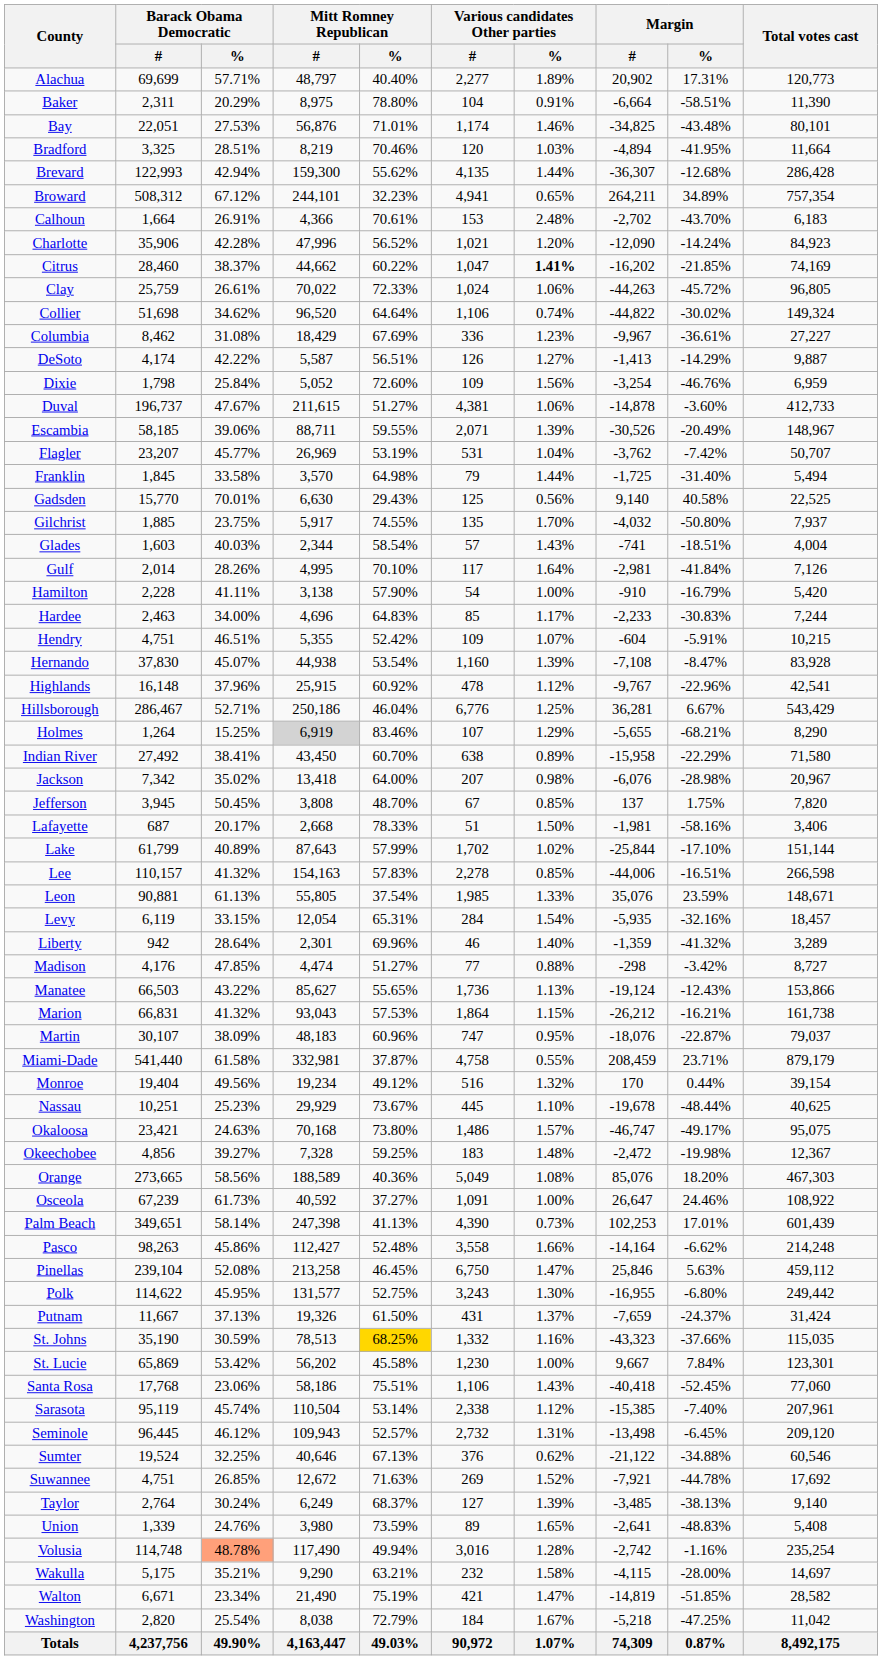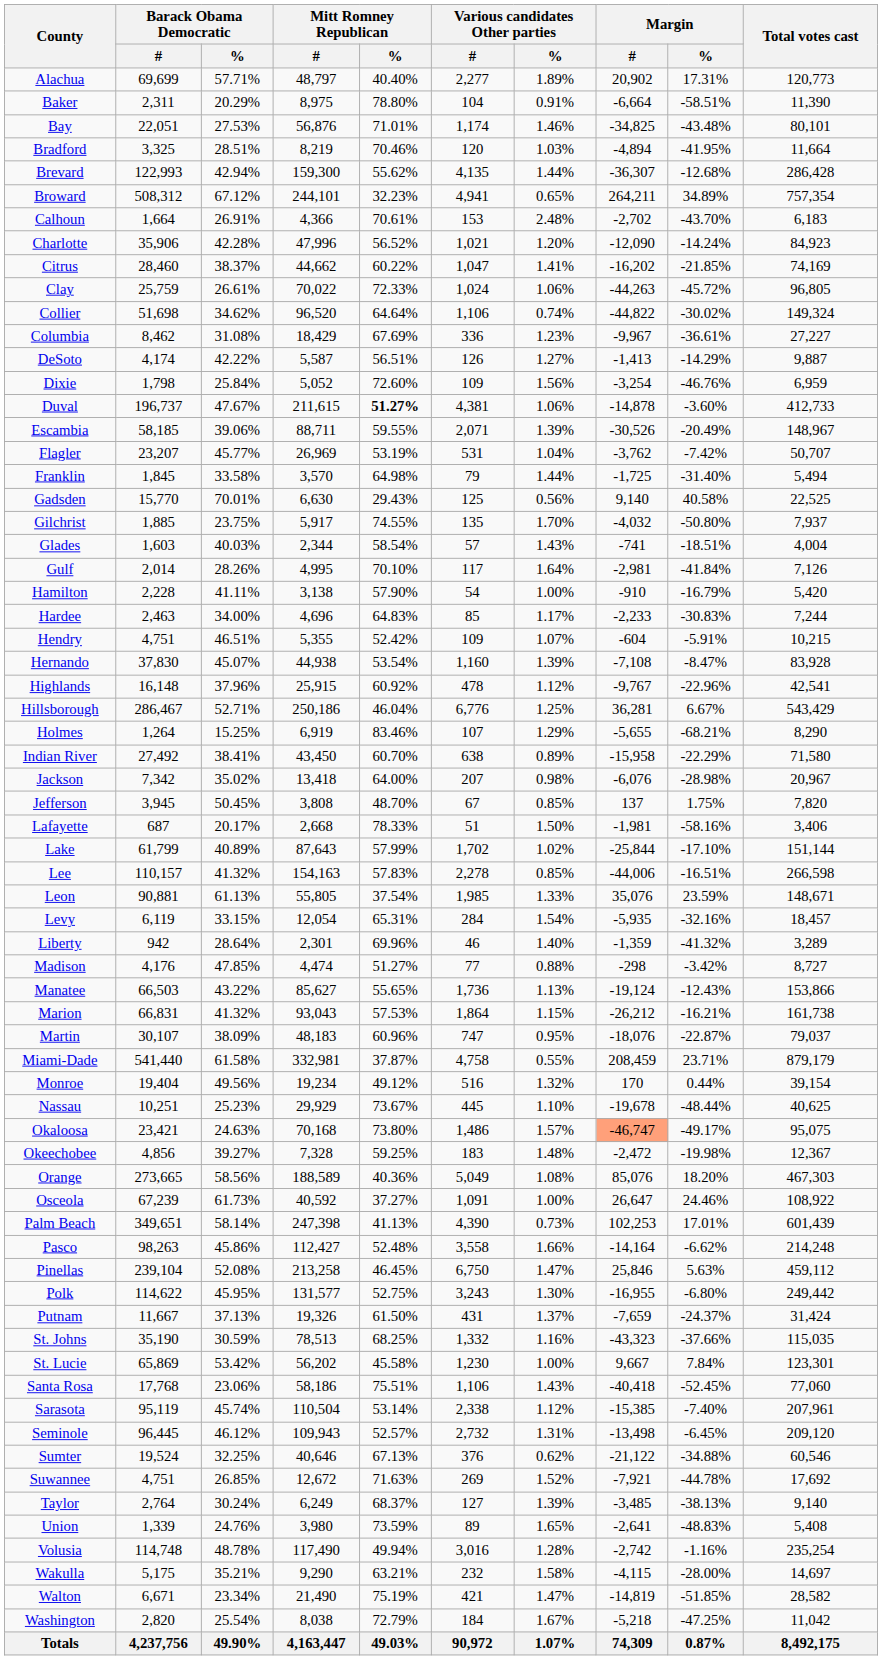 <table width="60%"  class="wikitable sortable" style="text-align:center">
 <tr>
 <th style="text-align:center;" rowspan="2">County</th>
 <th style="text-align:center;" colspan="2">Barack Obama<br>Democratic</th>
 <th style="text-align:center;" colspan="2">Mitt Romney<br>Republican</th>
 <th style="text-align:center;" colspan="2">Various candidates<br>Other parties</th>
 <th style="text-align:center;" colspan="2">Margin</th>
 <th style="text-align:center;" rowspan="2">Total votes cast</th>
 </tr>
 <tr>
 <th style="text-align:center;" data-sort-type="number">#</th>
 <th style="text-align:center;" data-sort-type="number">%</th>
 <th style="text-align:center;" data-sort-type="number">#</th>
 <th style="text-align:center;" data-sort-type="number">%</th>
 <th style="text-align:center;" data-sort-type="number">#</th>
 <th style="text-align:center;" data-sort-type="number">%</th>
 <th style="text-align:center;" data-sort-type="number">#</th>
 <th style="text-align:center;" data-sort-type="number">%</th>
 </tr>
 <tr style="text-align:center;">
 <td><a href='#'>Alachua</a></td>
 <td>69,699</td>
 <td>57.71%</td>
 <td>48,797</td>
 <td>40.40%</td>
 <td>2,277</td>
 <td>1.89%</td>
 <td>20,902</td>
 <td>17.31%</td>
 <td>120,773</td>
 </tr>
 <tr style="text-align:center;">
 <td><a href='#'>Baker</a></td>
 <td>2,311</td>
 <td>20.29%</td>
 <td>8,975</td>
 <td>78.80%</td>
 <td>104</td>
 <td>0.91%</td>
 <td>-6,664</td>
 <td>-58.51%</td>
 <td>11,390</td>
 </tr>
 <tr style="text-align:center;">
 <td><a href='#'>Bay</a></td>
 <td>22,051</td>
 <td>27.53%</td>
 <td>56,876</td>
 <td>71.01%</td>
 <td>1,174</td>
 <td>1.46%</td>
 <td>-34,825</td>
 <td>-43.48%</td>
 <td>80,101</td>
 </tr>
 <tr style="text-align:center;">
 <td><a href='#'>Bradford</a></td>
 <td>3,325</td>
 <td>28.51%</td>
 <td>8,219</td>
 <td>70.46%</td>
 <td>120</td>
 <td>1.03%</td>
 <td>-4,894</td>
 <td>-41.95%</td>
 <td>11,664</td>
 </tr>
 <tr style="text-align:center;">
 <td><a href='#'>Brevard</a></td>
 <td>122,993</td>
 <td>42.94%</td>
 <td>159,300</td>
 <td>55.62%</td>
 <td>4,135</td>
 <td>1.44%</td>
 <td>-36,307</td>
 <td>-12.68%</td>
 <td>286,428</td>
 </tr>
 <tr style="text-align:center;">
 <td><a href='#'>Broward</a></td>
 <td>508,312</td>
 <td>67.12%</td>
 <td>244,101</td>
 <td>32.23%</td>
 <td>4,941</td>
 <td>0.65%</td>
 <td>264,211</td>
 <td>34.89%</td>
 <td>757,354</td>
 </tr>
 <tr style="text-align:center;">
 <td><a href='#'>Calhoun</a></td>
 <td>1,664</td>
 <td>26.91%</td>
 <td>4,366</td>
 <td>70.61%</td>
 <td>153</td>
 <td>2.48%</td>
 <td>-2,702</td>
 <td>-43.70%</td>
 <td>6,183</td>
 </tr>
 <tr style="text-align:center;">
 <td><a href='#'>Charlotte</a></td>
 <td>35,906</td>
 <td>42.28%</td>
 <td>47,996</td>
 <td>56.52%</td>
 <td>1,021</td>
 <td>1.20%</td>
 <td>-12,090</td>
 <td>-14.24%</td>
 <td>84,923</td>
 </tr>
 <tr style="text-align:center;">
 <td><a href='#'>Citrus</a></td>
 <td>28,460</td>
 <td>38.37%</td>
 <td>44,662</td>
 <td>60.22%</td>
 <td>1,047</td>
-<td><strong>1.41%</strong></td>
+<td>1.41%</td>
 <td>-16,202</td>
 <td>-21.85%</td>
 <td>74,169</td>
 </tr>
 <tr style="text-align:center;">
 <td><a href='#'>Clay</a></td>
 <td>25,759</td>
 <td>26.61%</td>
 <td>70,022</td>
 <td>72.33%</td>
 <td>1,024</td>
 <td>1.06%</td>
 <td>-44,263</td>
 <td>-45.72%</td>
 <td>96,805</td>
 </tr>
 <tr style="text-align:center;">
 <td><a href='#'>Collier</a></td>
 <td>51,698</td>
 <td>34.62%</td>
 <td>96,520</td>
 <td>64.64%</td>
 <td>1,106</td>
 <td>0.74%</td>
 <td>-44,822</td>
 <td>-30.02%</td>
 <td>149,324</td>
 </tr>
 <tr style="text-align:center;">
 <td><a href='#'>Columbia</a></td>
 <td>8,462</td>
 <td>31.08%</td>
 <td>18,429</td>
 <td>67.69%</td>
 <td>336</td>
 <td>1.23%</td>
 <td>-9,967</td>
 <td>-36.61%</td>
 <td>27,227</td>
 </tr>
 <tr style="text-align:center;">
 <td><a href='#'>DeSoto</a></td>
 <td>4,174</td>
 <td>42.22%</td>
 <td>5,587</td>
 <td>56.51%</td>
 <td>126</td>
 <td>1.27%</td>
 <td>-1,413</td>
 <td>-14.29%</td>
 <td>9,887</td>
 </tr>
 <tr style="text-align:center;">
 <td><a href='#'>Dixie</a></td>
 <td>1,798</td>
 <td>25.84%</td>
 <td>5,052</td>
 <td>72.60%</td>
 <td>109</td>
 <td>1.56%</td>
 <td>-3,254</td>
 <td>-46.76%</td>
 <td>6,959</td>
 </tr>
 <tr style="text-align:center;">
 <td><a href='#'>Duval</a></td>
 <td>196,737</td>
 <td>47.67%</td>
 <td>211,615</td>
-<td>51.27%</td>
+<td><strong>51.27%</strong></td>
 <td>4,381</td>
 <td>1.06%</td>
 <td>-14,878</td>
 <td>-3.60%</td>
 <td>412,733</td>
 </tr>
 <tr style="text-align:center;">
 <td><a href='#'>Escambia</a></td>
 <td>58,185</td>
 <td>39.06%</td>
 <td>88,711</td>
 <td>59.55%</td>
 <td>2,071</td>
 <td>1.39%</td>
 <td>-30,526</td>
 <td>-20.49%</td>
 <td>148,967</td>
 </tr>
 <tr style="text-align:center;">
 <td><a href='#'>Flagler</a></td>
 <td>23,207</td>
 <td>45.77%</td>
 <td>26,969</td>
 <td>53.19%</td>
 <td>531</td>
 <td>1.04%</td>
 <td>-3,762</td>
 <td>-7.42%</td>
 <td>50,707</td>
 </tr>
 <tr style="text-align:center;">
 <td><a href='#'>Franklin</a></td>
 <td>1,845</td>
 <td>33.58%</td>
 <td>3,570</td>
 <td>64.98%</td>
 <td>79</td>
 <td>1.44%</td>
 <td>-1,725</td>
 <td>-31.40%</td>
 <td>5,494</td>
 </tr>
 <tr style="text-align:center;">
 <td><a href='#'>Gadsden</a></td>
 <td>15,770</td>
 <td>70.01%</td>
 <td>6,630</td>
 <td>29.43%</td>
 <td>125</td>
 <td>0.56%</td>
 <td>9,140</td>
 <td>40.58%</td>
 <td>22,525</td>
 </tr>
 <tr style="text-align:center;">
 <td><a href='#'>Gilchrist</a></td>
 <td>1,885</td>
 <td>23.75%</td>
 <td>5,917</td>
 <td>74.55%</td>
 <td>135</td>
 <td>1.70%</td>
 <td>-4,032</td>
 <td>-50.80%</td>
 <td>7,937</td>
 </tr>
 <tr style="text-align:center;">
 <td><a href='#'>Glades</a></td>
 <td>1,603</td>
 <td>40.03%</td>
 <td>2,344</td>
 <td>58.54%</td>
 <td>57</td>
 <td>1.43%</td>
 <td>-741</td>
 <td>-18.51%</td>
 <td>4,004</td>
 </tr>
 <tr style="text-align:center;">
 <td><a href='#'>Gulf</a></td>
 <td>2,014</td>
 <td>28.26%</td>
 <td>4,995</td>
 <td>70.10%</td>
 <td>117</td>
 <td>1.64%</td>
 <td>-2,981</td>
 <td>-41.84%</td>
 <td>7,126</td>
 </tr>
 <tr style="text-align:center;">
 <td><a href='#'>Hamilton</a></td>
 <td>2,228</td>
 <td>41.11%</td>
 <td>3,138</td>
 <td>57.90%</td>
 <td>54</td>
 <td>1.00%</td>
 <td>-910</td>
 <td>-16.79%</td>
 <td>5,420</td>
 </tr>
 <tr style="text-align:center;">
 <td><a href='#'>Hardee</a></td>
 <td>2,463</td>
 <td>34.00%</td>
 <td>4,696</td>
 <td>64.83%</td>
 <td>85</td>
 <td>1.17%</td>
 <td>-2,233</td>
 <td>-30.83%</td>
 <td>7,244</td>
 </tr>
 <tr style="text-align:center;">
 <td><a href='#'>Hendry</a></td>
 <td>4,751</td>
 <td>46.51%</td>
 <td>5,355</td>
 <td>52.42%</td>
 <td>109</td>
 <td>1.07%</td>
 <td>-604</td>
 <td>-5.91%</td>
 <td>10,215</td>
 </tr>
 <tr style="text-align:center;">
 <td><a href='#'>Hernando</a></td>
 <td>37,830</td>
 <td>45.07%</td>
 <td>44,938</td>
 <td>53.54%</td>
 <td>1,160</td>
 <td>1.39%</td>
 <td>-7,108</td>
 <td>-8.47%</td>
 <td>83,928</td>
 </tr>
 <tr style="text-align:center;">
 <td><a href='#'>Highlands</a></td>
 <td>16,148</td>
 <td>37.96%</td>
 <td>25,915</td>
 <td>60.92%</td>
 <td>478</td>
 <td>1.12%</td>
 <td>-9,767</td>
 <td>-22.96%</td>
 <td>42,541</td>
 </tr>
 <tr style="text-align:center;">
 <td><a href='#'>Hillsborough</a></td>
 <td>286,467</td>
 <td>52.71%</td>
 <td>250,186</td>
 <td>46.04%</td>
 <td>6,776</td>
 <td>1.25%</td>
 <td>36,281</td>
 <td>6.67%</td>
 <td>543,429</td>
 </tr>
 <tr style="text-align:center;">
 <td><a href='#'>Holmes</a></td>
 <td>1,264</td>
 <td>15.25%</td>
-<td style="background: lightgrey;">6,919</td>
+<td>6,919</td>
 <td>83.46%</td>
 <td>107</td>
 <td>1.29%</td>
 <td>-5,655</td>
 <td>-68.21%</td>
 <td>8,290</td>
 </tr>
 <tr style="text-align:center;">
 <td><a href='#'>Indian River</a></td>
 <td>27,492</td>
 <td>38.41%</td>
 <td>43,450</td>
 <td>60.70%</td>
 <td>638</td>
 <td>0.89%</td>
 <td>-15,958</td>
 <td>-22.29%</td>
 <td>71,580</td>
 </tr>
 <tr style="text-align:center;">
 <td><a href='#'>Jackson</a></td>
 <td>7,342</td>
 <td>35.02%</td>
 <td>13,418</td>
 <td>64.00%</td>
 <td>207</td>
 <td>0.98%</td>
 <td>-6,076</td>
 <td>-28.98%</td>
 <td>20,967</td>
 </tr>
 <tr style="text-align:center;">
 <td><a href='#'>Jefferson</a></td>
 <td>3,945</td>
 <td>50.45%</td>
 <td>3,808</td>
 <td>48.70%</td>
 <td>67</td>
 <td>0.85%</td>
 <td>137</td>
 <td>1.75%</td>
 <td>7,820</td>
 </tr>
 <tr style="text-align:center;">
 <td><a href='#'>Lafayette</a></td>
 <td>687</td>
 <td>20.17%</td>
 <td>2,668</td>
 <td>78.33%</td>
 <td>51</td>
 <td>1.50%</td>
 <td>-1,981</td>
 <td>-58.16%</td>
 <td>3,406</td>
 </tr>
 <tr style="text-align:center;">
 <td><a href='#'>Lake</a></td>
 <td>61,799</td>
 <td>40.89%</td>
 <td>87,643</td>
 <td>57.99%</td>
 <td>1,702</td>
 <td>1.02%</td>
 <td>-25,844</td>
 <td>-17.10%</td>
 <td>151,144</td>
 </tr>
 <tr style="text-align:center;">
 <td><a href='#'>Lee</a></td>
 <td>110,157</td>
 <td>41.32%</td>
 <td>154,163</td>
 <td>57.83%</td>
 <td>2,278</td>
 <td>0.85%</td>
 <td>-44,006</td>
 <td>-16.51%</td>
 <td>266,598</td>
 </tr>
 <tr style="text-align:center;">
 <td><a href='#'>Leon</a></td>
 <td>90,881</td>
 <td>61.13%</td>
 <td>55,805</td>
 <td>37.54%</td>
 <td>1,985</td>
 <td>1.33%</td>
 <td>35,076</td>
 <td>23.59%</td>
 <td>148,671</td>
 </tr>
 <tr style="text-align:center;">
 <td><a href='#'>Levy</a></td>
 <td>6,119</td>
 <td>33.15%</td>
 <td>12,054</td>
 <td>65.31%</td>
 <td>284</td>
 <td>1.54%</td>
 <td>-5,935</td>
 <td>-32.16%</td>
 <td>18,457</td>
 </tr>
 <tr style="text-align:center;">
 <td><a href='#'>Liberty</a></td>
 <td>942</td>
 <td>28.64%</td>
 <td>2,301</td>
 <td>69.96%</td>
 <td>46</td>
 <td>1.40%</td>
 <td>-1,359</td>
 <td>-41.32%</td>
 <td>3,289</td>
 </tr>
 <tr style="text-align:center;">
 <td><a href='#'>Madison</a></td>
 <td>4,176</td>
 <td>47.85%</td>
 <td>4,474</td>
 <td>51.27%</td>
 <td>77</td>
 <td>0.88%</td>
 <td>-298</td>
 <td>-3.42%</td>
 <td>8,727</td>
 </tr>
 <tr style="text-align:center;">
 <td><a href='#'>Manatee</a></td>
 <td>66,503</td>
 <td>43.22%</td>
 <td>85,627</td>
 <td>55.65%</td>
 <td>1,736</td>
 <td>1.13%</td>
 <td>-19,124</td>
 <td>-12.43%</td>
 <td>153,866</td>
 </tr>
 <tr style="text-align:center;">
 <td><a href='#'>Marion</a></td>
 <td>66,831</td>
 <td>41.32%</td>
 <td>93,043</td>
 <td>57.53%</td>
 <td>1,864</td>
 <td>1.15%</td>
 <td>-26,212</td>
 <td>-16.21%</td>
 <td>161,738</td>
 </tr>
 <tr style="text-align:center;">
 <td><a href='#'>Martin</a></td>
 <td>30,107</td>
 <td>38.09%</td>
 <td>48,183</td>
 <td>60.96%</td>
 <td>747</td>
 <td>0.95%</td>
 <td>-18,076</td>
 <td>-22.87%</td>
 <td>79,037</td>
 </tr>
 <tr style="text-align:center;">
 <td><a href='#'>Miami-Dade</a></td>
 <td>541,440</td>
 <td>61.58%</td>
 <td>332,981</td>
 <td>37.87%</td>
 <td>4,758</td>
 <td>0.55%</td>
 <td>208,459</td>
 <td>23.71%</td>
 <td>879,179</td>
 </tr>
 <tr style="text-align:center;">
 <td><a href='#'>Monroe</a></td>
 <td>19,404</td>
 <td>49.56%</td>
 <td>19,234</td>
 <td>49.12%</td>
 <td>516</td>
 <td>1.32%</td>
 <td>170</td>
 <td>0.44%</td>
 <td>39,154</td>
 </tr>
 <tr style="text-align:center;">
 <td><a href='#'>Nassau</a></td>
 <td>10,251</td>
 <td>25.23%</td>
 <td>29,929</td>
 <td>73.67%</td>
 <td>445</td>
 <td>1.10%</td>
 <td>-19,678</td>
 <td>-48.44%</td>
 <td>40,625</td>
 </tr>
 <tr style="text-align:center;">
 <td><a href='#'>Okaloosa</a></td>
 <td>23,421</td>
 <td>24.63%</td>
 <td>70,168</td>
 <td>73.80%</td>
 <td>1,486</td>
 <td>1.57%</td>
-<td>-46,747</td>
+<td style="background: lightsalmon;">-46,747</td>
 <td>-49.17%</td>
 <td>95,075</td>
 </tr>
 <tr style="text-align:center;">
 <td><a href='#'>Okeechobee</a></td>
 <td>4,856</td>
 <td>39.27%</td>
 <td>7,328</td>
 <td>59.25%</td>
 <td>183</td>
 <td>1.48%</td>
 <td>-2,472</td>
 <td>-19.98%</td>
 <td>12,367</td>
 </tr>
 <tr style="text-align:center;">
 <td><a href='#'>Orange</a></td>
 <td>273,665</td>
 <td>58.56%</td>
 <td>188,589</td>
 <td>40.36%</td>
 <td>5,049</td>
 <td>1.08%</td>
 <td>85,076</td>
 <td>18.20%</td>
 <td>467,303</td>
 </tr>
 <tr style="text-align:center;">
 <td><a href='#'>Osceola</a></td>
 <td>67,239</td>
 <td>61.73%</td>
 <td>40,592</td>
 <td>37.27%</td>
 <td>1,091</td>
 <td>1.00%</td>
 <td>26,647</td>
 <td>24.46%</td>
 <td>108,922</td>
 </tr>
 <tr style="text-align:center;">
 <td><a href='#'>Palm Beach</a></td>
 <td>349,651</td>
 <td>58.14%</td>
 <td>247,398</td>
 <td>41.13%</td>
 <td>4,390</td>
 <td>0.73%</td>
 <td>102,253</td>
 <td>17.01%</td>
 <td>601,439</td>
 </tr>
 <tr style="text-align:center;">
 <td><a href='#'>Pasco</a></td>
 <td>98,263</td>
 <td>45.86%</td>
 <td>112,427</td>
 <td>52.48%</td>
 <td>3,558</td>
 <td>1.66%</td>
 <td>-14,164</td>
 <td>-6.62%</td>
 <td>214,248</td>
 </tr>
 <tr style="text-align:center;">
 <td><a href='#'>Pinellas</a></td>
 <td>239,104</td>
 <td>52.08%</td>
 <td>213,258</td>
 <td>46.45%</td>
 <td>6,750</td>
 <td>1.47%</td>
 <td>25,846</td>
 <td>5.63%</td>
 <td>459,112</td>
 </tr>
 <tr style="text-align:center;">
 <td><a href='#'>Polk</a></td>
 <td>114,622</td>
 <td>45.95%</td>
 <td>131,577</td>
 <td>52.75%</td>
 <td>3,243</td>
 <td>1.30%</td>
 <td>-16,955</td>
 <td>-6.80%</td>
 <td>249,442</td>
 </tr>
 <tr style="text-align:center;">
 <td><a href='#'>Putnam</a></td>
 <td>11,667</td>
 <td>37.13%</td>
 <td>19,326</td>
 <td>61.50%</td>
 <td>431</td>
 <td>1.37%</td>
 <td>-7,659</td>
 <td>-24.37%</td>
 <td>31,424</td>
 </tr>
 <tr style="text-align:center;">
 <td><a href='#'>St. Johns</a></td>
 <td>35,190</td>
 <td>30.59%</td>
 <td>78,513</td>
-<td style="background: gold;">68.25%</td>
+<td>68.25%</td>
 <td>1,332</td>
 <td>1.16%</td>
 <td>-43,323</td>
 <td>-37.66%</td>
 <td>115,035</td>
 </tr>
 <tr style="text-align:center;">
 <td><a href='#'>St. Lucie</a></td>
 <td>65,869</td>
 <td>53.42%</td>
 <td>56,202</td>
 <td>45.58%</td>
 <td>1,230</td>
 <td>1.00%</td>
 <td>9,667</td>
 <td>7.84%</td>
 <td>123,301</td>
 </tr>
 <tr style="text-align:center;">
 <td><a href='#'>Santa Rosa</a></td>
 <td>17,768</td>
 <td>23.06%</td>
 <td>58,186</td>
 <td>75.51%</td>
 <td>1,106</td>
 <td>1.43%</td>
 <td>-40,418</td>
 <td>-52.45%</td>
 <td>77,060</td>
 </tr>
 <tr style="text-align:center;">
 <td><a href='#'>Sarasota</a></td>
 <td>95,119</td>
 <td>45.74%</td>
 <td>110,504</td>
 <td>53.14%</td>
 <td>2,338</td>
 <td>1.12%</td>
 <td>-15,385</td>
 <td>-7.40%</td>
 <td>207,961</td>
 </tr>
 <tr style="text-align:center;">
 <td><a href='#'>Seminole</a></td>
 <td>96,445</td>
 <td>46.12%</td>
 <td>109,943</td>
 <td>52.57%</td>
 <td>2,732</td>
 <td>1.31%</td>
 <td>-13,498</td>
 <td>-6.45%</td>
 <td>209,120</td>
 </tr>
 <tr style="text-align:center;">
 <td><a href='#'>Sumter</a></td>
 <td>19,524</td>
 <td>32.25%</td>
 <td>40,646</td>
 <td>67.13%</td>
 <td>376</td>
 <td>0.62%</td>
 <td>-21,122</td>
 <td>-34.88%</td>
 <td>60,546</td>
 </tr>
 <tr style="text-align:center;">
 <td><a href='#'>Suwannee</a></td>
 <td>4,751</td>
 <td>26.85%</td>
 <td>12,672</td>
 <td>71.63%</td>
 <td>269</td>
 <td>1.52%</td>
 <td>-7,921</td>
 <td>-44.78%</td>
 <td>17,692</td>
 </tr>
 <tr style="text-align:center;">
 <td><a href='#'>Taylor</a></td>
 <td>2,764</td>
 <td>30.24%</td>
 <td>6,249</td>
 <td>68.37%</td>
 <td>127</td>
 <td>1.39%</td>
 <td>-3,485</td>
 <td>-38.13%</td>
 <td>9,140</td>
 </tr>
 <tr style="text-align:center;">
 <td><a href='#'>Union</a></td>
 <td>1,339</td>
 <td>24.76%</td>
 <td>3,980</td>
 <td>73.59%</td>
 <td>89</td>
 <td>1.65%</td>
 <td>-2,641</td>
 <td>-48.83%</td>
 <td>5,408</td>
 </tr>
 <tr style="text-align:center;">
 <td><a href='#'>Volusia</a></td>
 <td>114,748</td>
-<td style="background: lightsalmon;">48.78%</td>
+<td>48.78%</td>
 <td>117,490</td>
 <td>49.94%</td>
 <td>3,016</td>
 <td>1.28%</td>
 <td>-2,742</td>
 <td>-1.16%</td>
 <td>235,254</td>
 </tr>
 <tr style="text-align:center;">
 <td><a href='#'>Wakulla</a></td>
 <td>5,175</td>
 <td>35.21%</td>
 <td>9,290</td>
 <td>63.21%</td>
 <td>232</td>
 <td>1.58%</td>
 <td>-4,115</td>
 <td>-28.00%</td>
 <td>14,697</td>
 </tr>
 <tr style="text-align:center;">
 <td><a href='#'>Walton</a></td>
 <td>6,671</td>
 <td>23.34%</td>
 <td>21,490</td>
 <td>75.19%</td>
 <td>421</td>
 <td>1.47%</td>
 <td>-14,819</td>
 <td>-51.85%</td>
 <td>28,582</td>
 </tr>
 <tr style="text-align:center;">
 <td><a href='#'>Washington</a></td>
 <td>2,820</td>
 <td>25.54%</td>
 <td>8,038</td>
 <td>72.79%</td>
 <td>184</td>
 <td>1.67%</td>
 <td>-5,218</td>
 <td>-47.25%</td>
 <td>11,042</td>
 </tr>
 <tr>
 <th>Totals</th>
 <th>4,237,756</th>
 <th>49.90%</th>
 <th>4,163,447</th>
 <th>49.03%</th>
 <th>90,972</th>
 <th>1.07%</th>
 <th>74,309</th>
 <th>0.87%</th>
 <th>8,492,175</th>
 </tr>
 </table>
